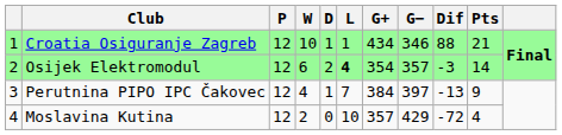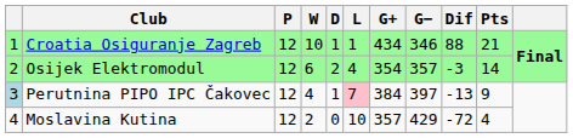 <table class="wikitable sortable">
 <tr>
 <th></th>
 <th>Club</th>
 <th>P</th>
 <th>W</th>
 <th>D</th>
 <th>L</th>
 <th>G+</th>
 <th>G−</th>
 <th>Dif</th>
 <th>Pts</th>
 <th></th>
 </tr>
 <tr style="background:palegreen;">
 <td>1</td>
 <td><a href='#'>Croatia Osiguranje Zagreb</a></td>
 <td>12</td>
 <td>10</td>
 <td>1</td>
 <td>1</td>
 <td>434</td>
 <td>346</td>
 <td>88</td>
 <td>21</td>
 <td rowspan="2"><strong>Final</strong></td>
 </tr>
 <tr style="background:palegreen;">
 <td>2</td>
 <td>Osijek Elektromodul</td>
 <td>12</td>
 <td>6</td>
 <td>2</td>
-<td><strong>4</strong></td>
+<td>4</td>
 <td>354</td>
 <td>357</td>
 <td>-3</td>
 <td>14</td>
 </tr>
 <tr>
-<td>3</td>
+<td style="background: lightblue;">3</td>
 <td>Perutnina PIPO IPC Čakovec</td>
 <td>12</td>
 <td>4</td>
 <td>1</td>
-<td>7</td>
+<td style="background: pink;">7</td>
 <td>384</td>
 <td>397</td>
 <td>-13</td>
 <td>9</td>
 <td rowspan="2"></td>
 </tr>
 <tr>
 <td>4</td>
 <td>Moslavina Kutina</td>
 <td>12</td>
 <td>2</td>
 <td>0</td>
 <td>10</td>
 <td>357</td>
 <td>429</td>
 <td>-72</td>
 <td>4</td>
 </tr>
 </table>
